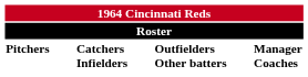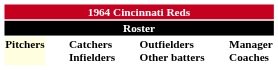 <table class="toccolours" style="font-size: 95%;">
 <tr>
 <th colspan="10" style="background-color: #c6011f; color: white; text-align: center;">1964 Cincinnati Reds</th>
 </tr>
 <tr>
 <td colspan="10" style="background-color: black; color: white; text-align: center;"><strong>Roster</strong></td>
 </tr>
 <tr>
-<td valign="top"><strong>Pitchers</strong><br>            </td>
+<td valign="top" style="background: lightyellow;"><strong>Pitchers</strong><br>            </td>
 <td width="25px"></td>
 <td valign="top"><strong>Catchers</strong><br>    <strong>Infielders</strong>        </td>
 <td width="25px"></td>
 <td valign="top"><strong>Outfielders</strong><br>      <strong>Other batters</strong>  </td>
 <td width="25px"></td>
 <td valign="top"><strong>Manager</strong><br>  <strong>Coaches</strong>     </td>
 </tr>
 </table>
